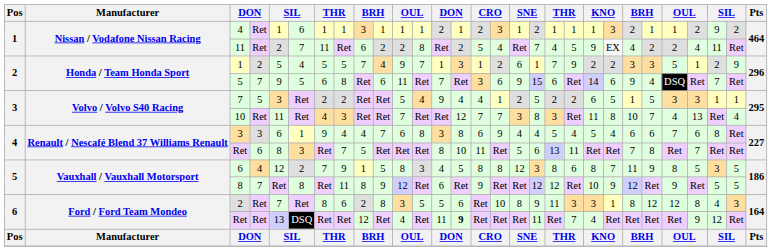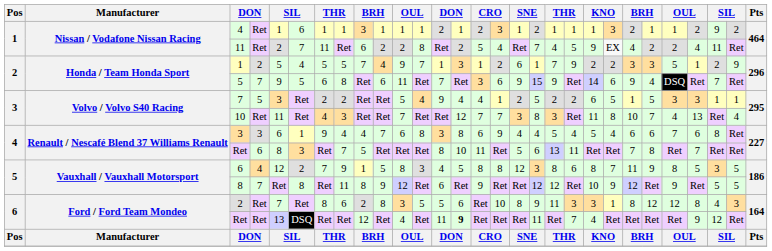 <table class="wikitable" style="font-size: 85%; text-align: center;">
 <tr valign="top">
 <th valign="middle">Pos</th>
 <th valign="middle">Manufacturer</th>
 <th colspan="2"><a href='#'>DON</a></th>
 <th colspan="2"><a href='#'>SIL</a></th>
 <th colspan="2"><a href='#'>THR</a></th>
 <th colspan="2"><a href='#'>BRH</a></th>
 <th colspan="2"><a href='#'>OUL</a></th>
 <th colspan="2"><a href='#'>DON</a></th>
 <th colspan="2"><a href='#'>CRO</a></th>
 <th colspan="2"><a href='#'>SNE</a></th>
 <th colspan="2"><a href='#'>THR</a></th>
 <th colspan="2"><a href='#'>KNO</a></th>
 <th colspan="2"><a href='#'>BRH</a></th>
 <th colspan="2"><a href='#'>OUL</a></th>
 <th colspan="2"><a href='#'>SIL</a></th>
 <th valign=middle>Pts</th>
 </tr>
 <tr>
 <th rowspan=2>1</th>
 <th rowspan=2 align=left><a href='#'>Nissan</a> / <a href='#'>Vodafone Nissan Racing</a></th>
 <td style="background-color:#dfffdf">4</td>
 <td style="background-color:#EFCFFF">Ret</td>
 <td style="background-color:#FFFFBF">1</td>
 <td style="background-color:#dfffdf">6</td>
 <td style="background-color:#FFFFBF">1</td>
 <td style="background-color:#FFFFBF">1</td>
 <td style="background-color:#ffdf9f">3</td>
 <td style="background-color:#FFFFBF">1</td>
 <td style="background-color:#FFFFBF">1</td>
 <td style="background-color:#FFFFBF">1</td>
 <td style="background-color:#DFDFDF">2</td>
 <td style="background-color:#FFFFBF">1</td>
 <td style="background-color:#DFDFDF">2</td>
 <td style="background-color:#ffdf9f">3</td>
 <td style="background-color:#FFFFBF">1</td>
 <td style="background-color:#DFDFDF">2</td>
 <td style="background-color:#FFFFBF">1</td>
 <td style="background-color:#FFFFBF">1</td>
 <td style="background-color:#FFFFBF">1</td>
 <td style="background-color:#ffdf9f">3</td>
 <td style="background-color:#DFDFDF">2</td>
 <td style="background-color:#FFFFBF">1</td>
 <td style="background-color:#FFFFBF">1</td>
 <td style="background-color:#DFDFDF">2</td>
 <td style="background-color:#dfffdf">9</td>
 <td style="background-color:#DFDFDF">2</td>
 <th rowspan=2>464</th>
 </tr>
 <tr>
 <td style="background-color:#Dfffdf">11</td>
 <td style="background-color:#EFCFFF">Ret</td>
 <td style="background-color:#DFDFDF">2</td>
 <td style="background-color:#dfffdf">7</td>
 <td style="background-color:#dfffdf">11</td>
 <td style="background-color:#EFCFFF">Ret</td>
 <td style="background-color:#dfffdf">6</td>
 <td style="background-color:#DFDFDF">2</td>
 <td style="background-color:#DFDFDF">2</td>
 <td style="background-color:#dfffdf">8</td>
 <td style="background-color:#EFCFFF">Ret</td>
 <td style="background-color:#DFDFDF">2</td>
 <td style="background-color:#dfffdf">5</td>
 <td style="background-color:#dfffdf">4</td>
 <td style="background-color:#EFCFFF">Ret</td>
 <td style="background-color:#dfffdf">7</td>
 <td style="background-color:#dfffdf">4</td>
 <td style="background-color:#dfffdf">5</td>
 <td style="background-color:#dfffdf">9</td>
 <td>EX</td>
 <td style="background-color:#dfffdf">4</td>
 <td style="background-color:#DFDFDF">2</td>
 <td style="background-color:#DFDFDF">2</td>
 <td style="background-color:#dfffdf">4</td>
 <td style="background-color:#dfffdf">11</td>
 <td style="background-color:#EFCFFF">Ret</td>
 </tr>
 <tr>
 <th rowspan=2>2</th>
 <th rowspan=2 align=left><a href='#'>Honda</a> / <a href='#'>Team Honda Sport</a></th>
 <td style="background-color:#FFFFBF">1</td>
 <td style="background-color:#dfdfdf">2</td>
 <td style="background-color:#dfffdf">5</td>
 <td style="background-color:#dfffdf">4</td>
 <td style="background-color:#dfffdf">5</td>
 <td style="background-color:#dfffdf">5</td>
 <td style="background-color:#dfffdf">7</td>
 <td style="background-color:#ffdf9f">4</td>
 <td style="background-color:#dfffdf">9</td>
 <td style="background-color:#dfffdf">7</td>
 <td style="background-color:#FFFFBF">1</td>
 <td style="background-color:#ffdf9f">3</td>
 <td style="background-color:#FFFFBF">1</td>
 <td style="background-color:#DFDFDF">2</td>
 <td style="background-color:#dfffdf">6</td>
 <td style="background-color:#FFFFBF">1</td>
 <td style="background-color:#dfffdf">7</td>
 <td style="background-color:#dfffdf">9</td>
 <td style="background-color:#DFDFDF">2</td>
 <td style="background-color:#DFDFDF">2</td>
 <td style="background-color:#ffdf9f">3</td>
 <td style="background-color:#ffdf9f">3</td>
 <td style="background-color:#dfffdf">5</td>
 <td style="background-color:#FFFFBF">1</td>
 <td style="background-color:#DFDFDF">2</td>
 <td style="background-color:#dfffdf">9</td>
 <th rowspan=2>296</th>
 </tr>
 <tr>
 <td style="background-color:#dfffdf">5</td>
 <td style="background-color:#dfffdf">7</td>
 <td style="background-color:#dfffdf">9</td>
 <td style="background-color:#dfffdf">5</td>
 <td style="background-color:#dfffdf">6</td>
 <td style="background-color:#dfffdf">8</td>
 <td style="background-color:#EFCFFF">Ret</td>
 <td style="background-color:#dfffdf">6</td>
 <td style="background-color:#dfffdf">11</td>
 <td style="background-color:#EFCFFF">Ret</td>
 <td style="background-color:#dfffdf">7</td>
 <td style="background-color:#EFCFFF">Ret</td>
 <td style="background-color:#ffdf9f">3</td>
 <td style="background-color:#dfffdf">6</td>
 <td style="background-color:#dfffdf">9</td>
 <td style="background-color:#CFCFFF">15</td>
-<td style="background-color:#dfffdf">6</td>
+<td style="background-color:#dfffdf">9</td>
 <td style="background-color:#EFCFFF">Ret</td>
 <td style="background-color:#CFCFFF">14</td>
 <td style="background-color:#dfffdf">6</td>
 <td style="background-color:#dfffdf">9</td>
 <td style="background-color:#dfffdf">4</td>
 <td style="background:#000000; color:white">DSQ</td>
 <td style="background-color:#EFCFFF">Ret</td>
 <td style="background-color:#dfffdf">7</td>
 <td style="background-color:#EFCFFF">Ret</td>
 </tr>
 <tr>
 <th rowspan=2>3</th>
 <th rowspan=2 align=left><a href='#'>Volvo</a> / <a href='#'>Volvo S40 Racing</a></th>
 <td style="background-color:#dfffdf">7</td>
 <td style="background-color:#dfffdf">5</td>
 <td style="background-color:#ffdf9f">3</td>
 <td style="background-color:#EFCFFF">Ret</td>
 <td style="background-color:#DFDFDF">2</td>
 <td style="background-color:#DFDFDF">2</td>
 <td style="background-color:#EFCFFF">Ret</td>
 <td style="background-color:#EFCFFF">Ret</td>
 <td style="background-color:#dfffdf">5</td>
 <td style="background-color:#ffdf9f">4</td>
 <td style="background-color:#dfffdf">9</td>
 <td style="background-color:#dfffdf">4</td>
 <td style="background-color:#dfffdf">4</td>
 <td style="background-color:#FFFFBF">1</td>
 <td style="background-color:#DFDFDF">2</td>
 <td style="background-color:#dfffdf">5</td>
 <td style="background-color:#DFDFDF">2</td>
 <td style="background-color:#DFDFDF">2</td>
 <td style="background-color:#dfffdf">6</td>
 <td style="background-color:#dfffdf">5</td>
 <td style="background-color:#FFFFBF">1</td>
 <td style="background-color:#dfffdf">5</td>
 <td style="background-color:#ffdf9f">3</td>
 <td style="background-color:#ffdf9f">3</td>
 <td style="background-color:#FFFFBF">1</td>
 <td style="background-color:#FFFFBF">1</td>
 <th rowspan=2>295</th>
 </tr>
 <tr>
 <td style="background-color:#dfffdf">10</td>
 <td style="background-color:#EFCFFF">Ret</td>
 <td style="background-color:#dfffdf">11</td>
 <td style="background-color:#EFCFFF">Ret</td>
 <td style="background-color:#ffdf9f">4</td>
 <td style="background-color:#ffdf9f">3</td>
 <td style="background-color:#EFCFFF">Ret</td>
 <td style="background-color:#EFCFFF">Ret</td>
 <td style="background-color:#dfffdf">7</td>
 <td style="background-color:#EFCFFF">Ret</td>
 <td style="background-color:#EFCFFF">Ret</td>
 <td style="background-color:#dfffdf">12</td>
 <td style="background-color:#dfffdf">7</td>
 <td style="background-color:#dfffdf">7</td>
 <td style="background-color:#ffdf9f">3</td>
 <td style="background-color:#dfffdf">8</td>
 <td style="background-color:#ffdf9f">3</td>
 <td style="background-color:#EFCFFF">Ret</td>
 <td style="background-color:#dfffdf">11</td>
 <td style="background-color:#dfffdf">8</td>
 <td style="background-color:#dfffdf">10</td>
 <td style="background-color:#dfffdf">7</td>
 <td style="background-color:#dfffdf">4</td>
 <td style="background-color:#dfffdf">13</td>
 <td style="background-color:#EFCFFF">Ret</td>
 <td style="background-color:#dfffdf">4</td>
 </tr>
 <tr>
 <th rowspan=2>4</th>
 <th rowspan=2 align=left nowrap><a href='#'>Renault</a> / <a href='#'>Nescafé Blend 37 Williams Renault</a></th>
 <td style="background-color:#ffdf9f">3</td>
 <td style="background-color:#DFDFDF">3</td>
 <td style="background-color:#dfffdf">6</td>
 <td style="background-color:#FFFFBF">1</td>
 <td style="background-color:#dfffdf">9</td>
 <td style="background-color:#dfffdf">4</td>
 <td style="background-color:#dfffdf">4</td>
 <td style="background-color:#dfffdf">7</td>
 <td style="background-color:#dfffdf">6</td>
 <td style="background-color:#dfffdf">8</td>
 <td style="background-color:#ffdf9f">3</td>
 <td style="background-color:#dfffdf">8</td>
 <td style="background-color:#dfffdf">6</td>
 <td style="background-color:#dfffdf">9</td>
 <td style="background-color:#dfffdf">4</td>
 <td style="background-color:#dfffdf">4</td>
 <td style="background-color:#dfffdf">5</td>
 <td style="background-color:#dfffdf">4</td>
 <td style="background-color:#dfffdf">5</td>
 <td style="background-color:#dfffdf">4</td>
 <td style="background-color:#dfffdf">6</td>
 <td style="background-color:#dfffdf">6</td>
 <td style="background-color:#dfffdf">7</td>
 <td style="background-color:#dfffdf">6</td>
 <td style="background-color:#dfffdf">8</td>
 <td style="background-color:#EFCFFF">Ret</td>
 <th rowspan=2>227</th>
 </tr>
 <tr>
 <td style="background-color:#EFCFFF">Ret</td>
 <td style="background-color:#dfffdf">6</td>
 <td style="background-color:#dfffdf">8</td>
 <td style="background-color:#ffdf9f">3</td>
 <td style="background-color:#EFCFFF">Ret</td>
 <td style="background-color:#dfffdf">7</td>
 <td style="background-color:#dfffdf">5</td>
 <td style="background-color:#EFCFFF">Ret</td>
 <td style="background-color:#EFCFFF">Ret</td>
 <td style="background-color:#EFCFFF">Ret</td>
 <td style="background-color:#dfffdf">8</td>
 <td style="background-color:#dfffdf">10</td>
 <td style="background-color:#dfffdf">11</td>
 <td style="background-color:#EFCFFF">Ret</td>
 <td style="background-color:#dfffdf">5</td>
 <td style="background-color:#dfffdf">6</td>
 <td style="background-color:#CFCFFF">13</td>
 <td style="background-color:#dfffdf">11</td>
 <td style="background-color:#EFCFFF">Ret</td>
 <td style="background-color:#EFCFFF">Ret</td>
 <td style="background-color:#dfffdf">7</td>
 <td style="background-color:#dfffdf">8</td>
 <td style="background-color:#EFCFFF">Ret</td>
 <td style="background-color:#dfffdf">7</td>
 <td style="background-color:#EFCFFF">Ret</td>
 <td style="background-color:#EFCFFF">Ret</td>
 </tr>
 <tr>
 <th rowspan=2>5</th>
 <th rowspan=2 align=left><a href='#'>Vauxhall</a> / <a href='#'>Vauxhall Motorsport</a></th>
 <td style="background-color:#dfffdf">6</td>
 <td style="background-color:#ffdf9f">4</td>
 <td style="background-color:#dfffdf">12</td>
 <td style="background-color:#DFDFDF">2</td>
 <td style="background-color:#dfffdf">7</td>
 <td style="background-color:#dfffdf">9</td>
 <td style="background-color:#FFFFBF">1</td>
 <td style="background-color:#dfffdf">5</td>
 <td style="background-color:#dfffdf">8</td>
 <td style="background-color:#DFDFDF">3</td>
 <td style="background-color:#dfffdf">4</td>
 <td style="background-color:#dfffdf">5</td>
 <td style="background-color:#dfffdf">8</td>
 <td style="background-color:#dfffdf">8</td>
 <td style="background-color:#dfffdf">12</td>
 <td style="background-color:#ffdf9f">3</td>
 <td style="background-color:#dfffdf">8</td>
 <td style="background-color:#dfffdf">6</td>
 <td style="background-color:#dfffdf">8</td>
 <td style="background-color:#dfffdf">7</td>
 <td style="background-color:#dfffdf">11</td>
 <td style="background-color:#dfffdf">9</td>
 <td style="background-color:#dfffdf">8</td>
 <td style="background-color:#dfffdf">5</td>
 <td style="background-color:#ffdf9f">3</td>
 <td style="background-color:#dfffdf">5</td>
 <th rowspan=2>186</th>
 </tr>
 <tr>
 <td style="background-color:#dfffdf">8</td>
 <td style="background-color:#dfffdf">7</td>
 <td style="background-color:#EFCFFF">Ret</td>
 <td style="background-color:#dfffdf">8</td>
 <td style="background-color:#EFCFFF">Ret</td>
 <td style="background-color:#dfffdf">11</td>
 <td style="background-color:#dfffdf">8</td>
 <td style="background-color:#dfffdf">9</td>
 <td style="background-color:#CFCFFF">12</td>
 <td style="background-color:#EFCFFF">Ret</td>
 <td style="background-color:#dfffdf">6</td>
 <td style="background-color:#EFCFFF">Ret</td>
 <td style="background-color:#dfffdf">9</td>
 <td style="background-color:#EFCFFF">Ret</td>
 <td style="background-color:#EFCFFF">Ret</td>
 <td style="background-color:#CFCFFF">12</td>
 <td style="background-color:#dfffdf">12</td>
 <td style="background-color:#EFCFFF">Ret</td>
 <td style="background-color:#dfffdf">10</td>
 <td style="background-color:#dfffdf">9</td>
 <td style="background-color:#CFCFFF">12</td>
 <td style="background-color:#EFCFFF">Ret</td>
 <td style="background-color:#dfffdf">9</td>
 <td style="background-color:#EFCFFF">Ret</td>
 <td style="background-color:#dfffdf">5</td>
 <td style="background-color:#dfffdf">5</td>
 </tr>
 <tr>
 <th rowspan=2>6</th>
 <th rowspan=2 align=left><a href='#'>Ford</a> / <a href='#'>Ford Team Mondeo</a></th>
 <td style="background-color:#DFDFDF">2</td>
 <td style="background-color:#EFCFFF">Ret</td>
 <td style="background-color:#dfffdf">7</td>
 <td style="background-color:#EFCFFF">Ret</td>
 <td style="background-color:#dfffdf">8</td>
 <td style="background-color:#dfffdf">6</td>
 <td style="background-color:#DFDFDF">2</td>
 <td style="background-color:#dfffdf">8</td>
 <td style="background-color:#ffdf9f">3</td>
 <td style="background-color:#dfffdf">5</td>
 <td style="background-color:#dfffdf">5</td>
 <td style="background-color:#dfffdf">6</td>
 <td style="background-color:#EFCFFF">Ret</td>
 <td style="background-color:#dfffdf">10</td>
 <td style="background-color:#dfffdf">8</td>
 <td style="background-color:#dfffdf">9</td>
 <td style="background-color:#dfffdf">11</td>
 <td style="background-color:#ffdf9f">3</td>
 <td style="background-color:#ffdf9f">3</td>
 <td style="background-color:#FFFFBF">1</td>
 <td style="background-color:#dfffdf">8</td>
 <td style="background-color:#dfffdf">12</td>
 <td style="background-color:#dfffdf">12</td>
 <td style="background-color:#dfffdf">8</td>
 <td style="background-color:#dfffdf">4</td>
 <td style="background-color:#ffdf9f">3</td>
 <th rowspan=2>164</th>
 </tr>
 <tr>
 <td style="background-color:#EFCFFF">Ret</td>
 <td style="background-color:#EFCFFF">Ret</td>
 <td style="background-color:#CFCFFF">13</td>
 <td style="background:#000000; color:white">DSQ</td>
 <td style="background-color:#EFCFFF">Ret</td>
 <td style="background-color:#EFCFFF">Ret</td>
 <td style="background-color:#dfffdf">12</td>
 <td style="background-color:#EFCFFF">Ret</td>
 <td style="background-color:#dfffdf">4</td>
 <td style="background-color:#EFCFFF">Ret</td>
 <td style="background-color:#dfffdf">11</td>
 <td style="background-color:#dfffdf"><strong>9</strong></td>
 <td style="background-color:#EFCFFF">Ret</td>
 <td style="background-color:#EFCFFF">Ret</td>
 <td style="background-color:#EFCFFF">Ret</td>
 <td style="background-color:#dfffdf">11</td>
 <td style="background-color:#EFCFFF">Ret</td>
 <td style="background-color:#dfffdf">7</td>
 <td style="background-color:#dfffdf">4</td>
 <td style="background-color:#EFCFFF">Ret</td>
 <td style="background-color:#EFCFFF">Ret</td>
 <td style="background-color:#EFCFFF">Ret</td>
 <td style="background-color:#EFCFFF">Ret</td>
 <td style="background-color:#dfffdf">9</td>
 <td style="background-color:#dfffdf">12</td>
 <td style="background-color:#EFCFFF">Ret</td>
 </tr>
 <tr>
 <th valign="middle">Pos</th>
 <th valign="middle">Manufacturer</th>
 <th colspan="2"><a href='#'>DON</a></th>
 <th colspan="2"><a href='#'>SIL</a></th>
 <th colspan="2"><a href='#'>THR</a></th>
 <th colspan="2"><a href='#'>BRH</a></th>
 <th colspan="2"><a href='#'>OUL</a></th>
 <th colspan="2"><a href='#'>DON</a></th>
 <th colspan="2"><a href='#'>CRO</a></th>
 <th colspan="2"><a href='#'>SNE</a></th>
 <th colspan="2"><a href='#'>THR</a></th>
 <th colspan="2"><a href='#'>KNO</a></th>
 <th colspan="2"><a href='#'>BRH</a></th>
 <th colspan="2"><a href='#'>OUL</a></th>
 <th colspan="2"><a href='#'>SIL</a></th>
 <th valign=middle>Pts</th>
 </tr>
 <tr>
 </tr>
 </table>
